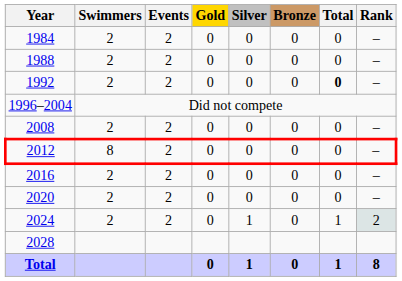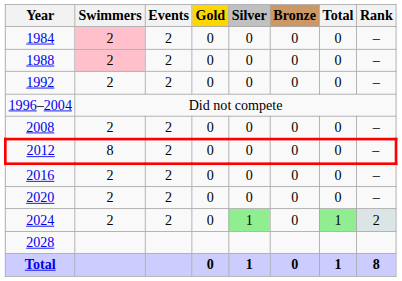 <table class="wikitable sortable collapsible collapsed">
 <tr>
 <th>Year</th>
 <th>Swimmers</th>
 <th>Events</th>
 <th style="text-align:center; background-color:gold;"><strong>Gold</strong></th>
 <th style="text-align:center; background-color:silver;"><strong>Silver</strong></th>
 <th style="text-align:center; background-color:#c96;"><strong>Bronze</strong></th>
 <th>Total</th>
 <th>Rank</th>
 </tr>
 <tr style="text-align:center">
 <td><a href='#'>1984</a></td>
-<td>2</td>
+<td style="background: pink;">2</td>
 <td>2</td>
 <td>0</td>
 <td>0</td>
 <td>0</td>
 <td>0</td>
 <td>–</td>
 </tr>
 <tr style="text-align:center">
 <td><a href='#'>1988</a></td>
-<td>2</td>
+<td style="background: pink;">2</td>
 <td>2</td>
 <td>0</td>
 <td>0</td>
 <td>0</td>
 <td>0</td>
 <td>–</td>
 </tr>
 <tr style="text-align:center">
 <td><a href='#'>1992</a></td>
 <td>2</td>
 <td>2</td>
 <td>0</td>
 <td>0</td>
 <td>0</td>
-<td><strong>0</strong></td>
+<td>0</td>
 <td>–</td>
 </tr>
 <tr style="text-align:center">
 <td><a href='#'>1996</a>–<a href='#'>2004</a></td>
 <td colspan=7>Did not compete</td>
 </tr>
 <tr style="text-align:center">
 <td><a href='#'>2008</a></td>
 <td>2</td>
 <td>2</td>
 <td>0</td>
 <td>0</td>
 <td>0</td>
 <td>0</td>
 <td>–</td>
 </tr>
 <tr style="text-align:center;border: 3px solid red">
 <td><a href='#'>2012</a></td>
 <td>8</td>
 <td>2</td>
 <td>0</td>
 <td>0</td>
 <td>0</td>
 <td>0</td>
 <td>–</td>
 </tr>
 <tr style="text-align:center">
 <td><a href='#'>2016</a></td>
 <td>2</td>
 <td>2</td>
 <td>0</td>
 <td>0</td>
 <td>0</td>
 <td>0</td>
 <td>–</td>
 </tr>
 <tr style="text-align:center">
 <td><a href='#'>2020</a></td>
 <td>2</td>
 <td>2</td>
 <td>0</td>
 <td>0</td>
 <td>0</td>
 <td>0</td>
 <td>–</td>
 </tr>
 <tr style="text-align:center">
 <td><a href='#'>2024</a></td>
 <td>2</td>
 <td>2</td>
 <td>0</td>
-<td>1</td>
+<td style="background: lightgreen;">1</td>
 <td>0</td>
-<td>1</td>
+<td style="background: lightgreen;">1</td>
 <td style="background-color:#dce5e5">2</td>
 </tr>
 <tr style="text-align:center">
 <td><a href='#'>2028</a></td>
 <td></td>
 <td></td>
 <td></td>
 <td></td>
 <td></td>
 <td></td>
 <td></td>
 </tr>
 <tr style="text-align:center; background-color:#ccf;">
 <td><strong><a href='#'>Total</a></strong></td>
 <td></td>
 <td></td>
 <td><strong>0</strong></td>
 <td><strong>1</strong></td>
 <td><strong>0</strong></td>
 <td><strong>1</strong></td>
 <td><strong>8</strong></td>
 </tr>
 </table>
